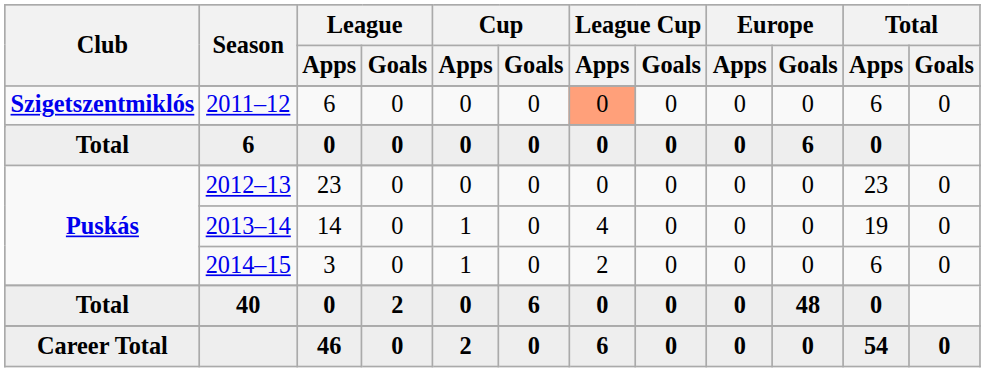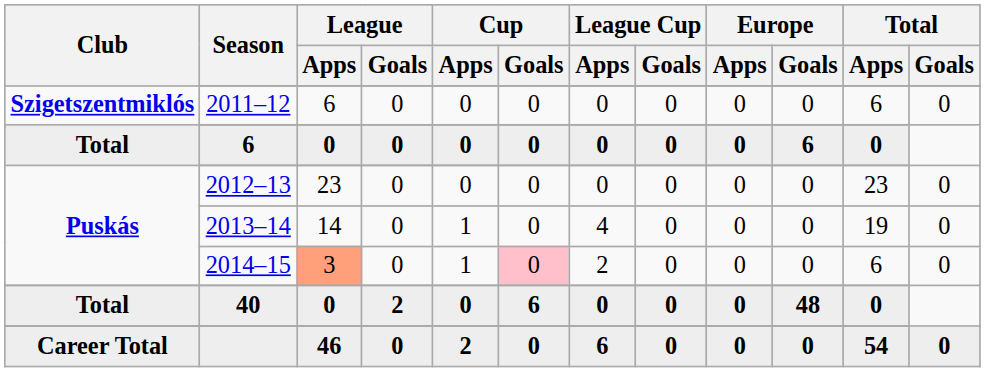 <table class="wikitable" style="font-size:90%; text-align: center;">
 <tr>
 <th rowspan="2">Club</th>
 <th rowspan="2">Season</th>
 <th colspan="2">League</th>
 <th colspan="2">Cup</th>
 <th colspan="2">League Cup</th>
 <th colspan="2">Europe</th>
 <th colspan="2">Total</th>
 </tr>
 <tr>
 <th>Apps</th>
 <th>Goals</th>
 <th>Apps</th>
 <th>Goals</th>
 <th>Apps</th>
 <th>Goals</th>
 <th>Apps</th>
 <th>Goals</th>
 <th>Apps</th>
 <th>Goals</th>
 </tr>
 <tr ||-||-||-|->
 <td rowspan="3" valign="center"><strong><a href='#'>Szigetszentmiklós</a></strong></td>
 </tr>
 <tr>
 <td><a href='#'>2011–12</a></td>
 <td>6</td>
 <td>0</td>
 <td>0</td>
 <td>0</td>
-<td style="background: lightsalmon;">0</td>
+<td>0</td>
 <td>0</td>
 <td>0</td>
 <td>0</td>
 <td>6</td>
 <td>0</td>
 </tr>
 <tr>
 </tr>
 <tr style="font-weight:bold; background-color:#eeeeee;">
 <td>Total</td>
 <td>6</td>
 <td>0</td>
 <td>0</td>
 <td>0</td>
 <td>0</td>
 <td>0</td>
 <td>0</td>
 <td>0</td>
 <td>6</td>
 <td>0</td>
 </tr>
 <tr>
 <td rowspan="4" valign="center"><strong><a href='#'>Puskás</a></strong></td>
 </tr>
 <tr>
 <td><a href='#'>2012–13</a></td>
 <td>23</td>
 <td>0</td>
 <td>0</td>
 <td>0</td>
 <td>0</td>
 <td>0</td>
 <td>0</td>
 <td>0</td>
 <td>23</td>
 <td>0</td>
 </tr>
 <tr>
 <td><a href='#'>2013–14</a></td>
 <td>14</td>
 <td>0</td>
 <td>1</td>
 <td>0</td>
 <td>4</td>
 <td>0</td>
 <td>0</td>
 <td>0</td>
 <td>19</td>
 <td>0</td>
 </tr>
 <tr>
 <td><a href='#'>2014–15</a></td>
-<td>3</td>
+<td style="background: lightsalmon;">3</td>
 <td>0</td>
 <td>1</td>
-<td>0</td>
+<td style="background: pink;">0</td>
 <td>2</td>
 <td>0</td>
 <td>0</td>
 <td>0</td>
 <td>6</td>
 <td>0</td>
 </tr>
 <tr>
 </tr>
 <tr style="font-weight:bold; background-color:#eeeeee;">
 <td>Total</td>
 <td>40</td>
 <td>0</td>
 <td>2</td>
 <td>0</td>
 <td>6</td>
 <td>0</td>
 <td>0</td>
 <td>0</td>
 <td>48</td>
 <td>0</td>
 </tr>
 <tr>
 </tr>
 <tr style="font-weight:bold; background-color:#eeeeee;">
 <td rowspan="2" valign="top"><strong>Career Total</strong></td>
 <td></td>
 <td><strong>46</strong></td>
 <td><strong>0</strong></td>
 <td><strong>2</strong></td>
 <td><strong>0</strong></td>
 <td><strong>6</strong></td>
 <td><strong>0</strong></td>
 <td><strong>0</strong></td>
 <td><strong>0</strong></td>
 <td><strong>54</strong></td>
 <td><strong>0</strong></td>
 </tr>
 </table>
